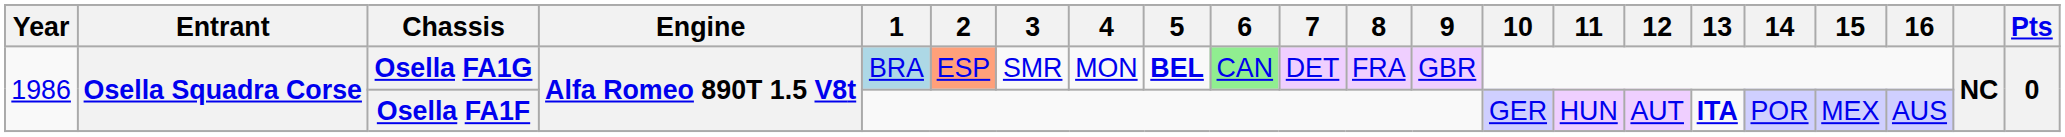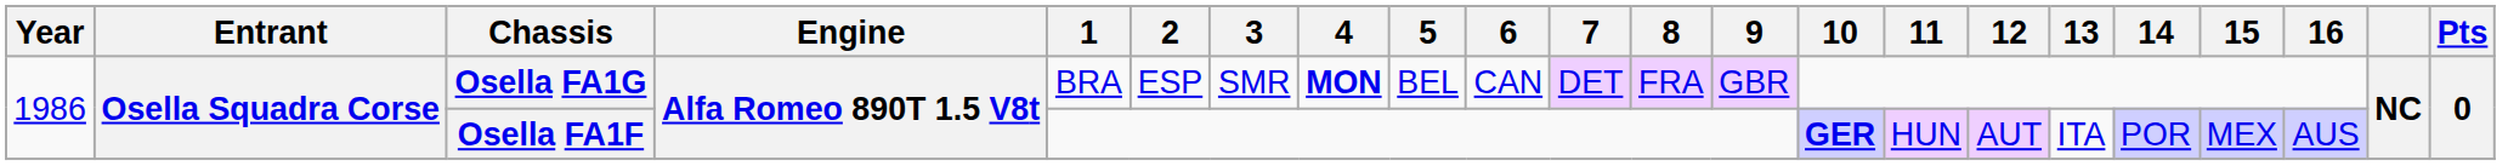 <table class="wikitable" style="text-align:center; font-size:85%">
 <tr>
 <th>Year</th>
 <th>Entrant</th>
 <th>Chassis</th>
 <th>Engine</th>
 <th>1</th>
 <th>2</th>
 <th>3</th>
 <th>4</th>
 <th>5</th>
 <th>6</th>
 <th>7</th>
 <th>8</th>
 <th>9</th>
 <th>10</th>
 <th>11</th>
 <th>12</th>
 <th>13</th>
 <th>14</th>
 <th>15</th>
 <th>16</th>
 <th></th>
 <th><a href='#'>Pts</a></th>
 </tr>
 <tr>
 <td rowspan=2><a href='#'>1986</a></td>
 <th rowspan=2 nowrap><a href='#'>Osella Squadra Corse</a></th>
 <th nowrap><a href='#'>Osella</a> <a href='#'>FA1G</a></th>
 <th rowspan=2 nowrap><a href='#'>Alfa Romeo</a> 890T 1.5 <a href='#'>V8</a><a href='#'>t</a></th>
-<td style="background: lightblue;"><a href='#'>BRA</a></td>
-<td style="background: lightsalmon;"><a href='#'>ESP</a></td>
+<td><a href='#'>BRA</a></td>
+<td><a href='#'>ESP</a></td>
 <td><a href='#'>SMR</a></td>
-<td><a href='#'>MON</a></td>
-<td><strong><a href='#'>BEL</a></strong></td>
-<td style="background: lightgreen;"><a href='#'>CAN</a></td>
+<td><strong><a href='#'>MON</a></strong></td>
+<td><a href='#'>BEL</a></td>
+<td><a href='#'>CAN</a></td>
 <td style="background:#EFCFFF;"><a href='#'>DET</a><br></td>
 <td style="background:#EFCFFF;"><a href='#'>FRA</a><br></td>
 <td style="background:#EFCFFF;"><a href='#'>GBR</a><br></td>
 <td colspan=7></td>
 <th rowspan=2>NC</th>
 <th rowspan=2>0</th>
 </tr>
 <tr>
 <th nowrap><a href='#'>Osella</a> <a href='#'>FA1F</a></th>
 <td colspan=9></td>
-<td style="background:#CFCFFF;"><a href='#'>GER</a><br></td>
+<td style="background:#CFCFFF;"><strong><a href='#'>GER</a><br></strong></td>
 <td style="background:#EFCFFF;"><a href='#'>HUN</a><br></td>
 <td style="background:#EFCFFF;"><a href='#'>AUT</a><br></td>
-<td><strong><a href='#'>ITA</a></strong></td>
+<td><a href='#'>ITA</a></td>
 <td style="background:#CFCFFF;"><a href='#'>POR</a><br></td>
 <td style="background:#CFCFFF;"><a href='#'>MEX</a><br></td>
 <td style="background:#CFCFFF;"><a href='#'>AUS</a><br></td>
 </tr>
 </table>
